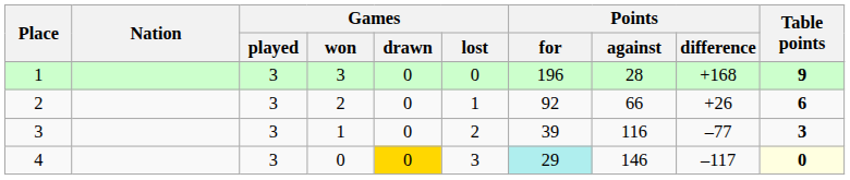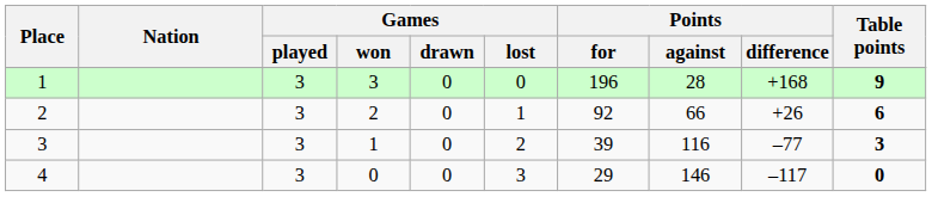 <table class="wikitable">
 <tr>
 <th rowspan=2 width="8%">Place</th>
 <th rowspan=2 width="20%">Nation</th>
 <th colspan=4 width="32%">Games</th>
 <th colspan=3 width="30%">Points</th>
 <th rowspan=2 width="10%">Table<br>points</th>
 </tr>
 <tr>
 <th width="8%">played</th>
 <th width="8%">won</th>
 <th width="8%">drawn</th>
 <th width="8%">lost</th>
 <th width="10%">for</th>
 <th width="10%">against</th>
 <th width="10%">difference</th>
 </tr>
 <tr>
 </tr>
 <tr bgcolor=#ccffcc align=center>
 <td>1</td>
 <td align=left></td>
 <td>3</td>
 <td>3</td>
 <td>0</td>
 <td>0</td>
 <td>196</td>
 <td>28</td>
 <td>+168</td>
 <td><strong>9</strong></td>
 </tr>
 <tr align=center>
 <td>2</td>
 <td align=left></td>
 <td>3</td>
 <td>2</td>
 <td>0</td>
 <td>1</td>
 <td>92</td>
 <td>66</td>
 <td>+26</td>
 <td><strong>6</strong></td>
 </tr>
 <tr align=center>
 <td>3</td>
 <td align=left></td>
 <td>3</td>
 <td>1</td>
 <td>0</td>
 <td>2</td>
 <td>39</td>
 <td>116</td>
 <td>–77</td>
 <td><strong>3</strong></td>
 </tr>
 <tr align=center>
 <td>4</td>
 <td align=left></td>
 <td>3</td>
 <td>0</td>
-<td style="background: gold;">0</td>
+<td>0</td>
 <td>3</td>
-<td style="background: paleturquoise;">29</td>
+<td>29</td>
 <td>146</td>
 <td>–117</td>
-<td style="background: lightyellow;"><strong>0</strong></td>
+<td><strong>0</strong></td>
 </tr>
 </table>
